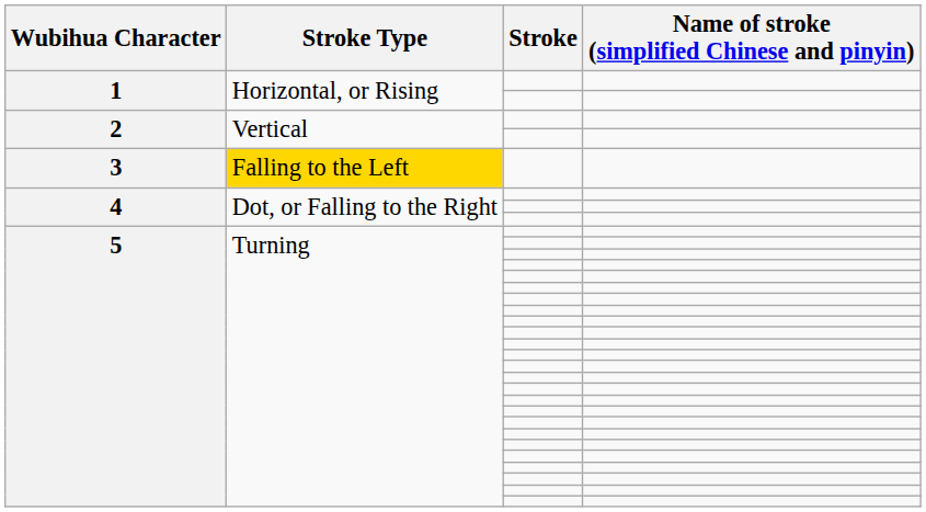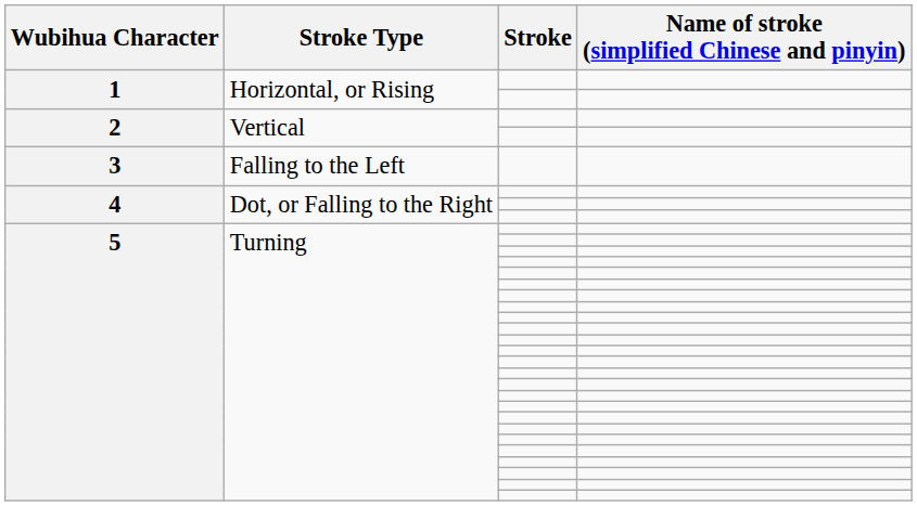 <table class="wikitable">
 <tr>
 <th scope="col">Wubihua Character</th>
 <th scope="col">Stroke Type</th>
 <th scope="col">Stroke</th>
 <th scope="col">Name of stroke<br>(<a href='#'>simplified Chinese</a> and <a href='#'>pinyin</a>)</th>
 </tr>
 <tr>
 <th scope="row" rowspan=2 valign="top">1</th>
 <td rowspan=2 valign="top">Horizontal, or Rising</td>
 <td> </td>
 <td></td>
 </tr>
 <tr>
 <td></td>
 <td></td>
 </tr>
 <tr>
 <th scope="row" rowspan=2 valign="top">2</th>
 <td rowspan=2 valign="top">Vertical</td>
 <td> </td>
 <td></td>
 </tr>
 <tr>
 <td></td>
 <td></td>
 </tr>
 <tr>
 <th scope="row" valign="top">3</th>
-<td valign="top" style="background: gold;">Falling to the Left</td>
+<td valign="top">Falling to the Left</td>
 <td> </td>
 <td></td>
 </tr>
 <tr>
 <th scope="row" rowspan=3 valign="top">4</th>
 <td rowspan=3 valign="top">Dot, or Falling to the Right</td>
 <td> </td>
 <td></td>
 </tr>
 <tr>
 <td> </td>
 <td></td>
 </tr>
 <tr>
 <td> </td>
 <td></td>
 </tr>
 <tr>
 <th scope="row" rowspan=25 valign="top">5</th>
 <td rowspan=25 valign="top">Turning</td>
 <td></td>
 <td></td>
 </tr>
 <tr>
 <td></td>
 <td></td>
 </tr>
 <tr>
 <td></td>
 <td></td>
 </tr>
 <tr>
 <td> </td>
 <td></td>
 </tr>
 <tr>
 <td></td>
 <td></td>
 </tr>
 <tr>
 <td></td>
 <td></td>
 </tr>
 <tr>
 <td> </td>
 <td></td>
 </tr>
 <tr>
 <td></td>
 <td></td>
 </tr>
 <tr>
 <td></td>
 <td></td>
 </tr>
 <tr>
 <td></td>
 <td></td>
 </tr>
 <tr>
 <td></td>
 <td></td>
 </tr>
 <tr>
 <td></td>
 <td></td>
 </tr>
 <tr>
 <td></td>
 <td></td>
 </tr>
 <tr>
 <td></td>
 <td></td>
 </tr>
 <tr>
 <td> </td>
 <td></td>
 </tr>
 <tr>
 <td></td>
 <td></td>
 </tr>
 <tr>
 <td></td>
 <td></td>
 </tr>
 <tr>
 <td> </td>
 <td></td>
 </tr>
 <tr>
 <td></td>
 <td></td>
 </tr>
 <tr>
 <td></td>
 <td></td>
 </tr>
 <tr>
 <td></td>
 <td></td>
 </tr>
 <tr>
 <td></td>
 <td></td>
 </tr>
 <tr>
 <td></td>
 <td></td>
 </tr>
 <tr>
 <td> </td>
 <td></td>
 </tr>
 <tr>
 <td></td>
 <td></td>
 </tr>
 </table>
